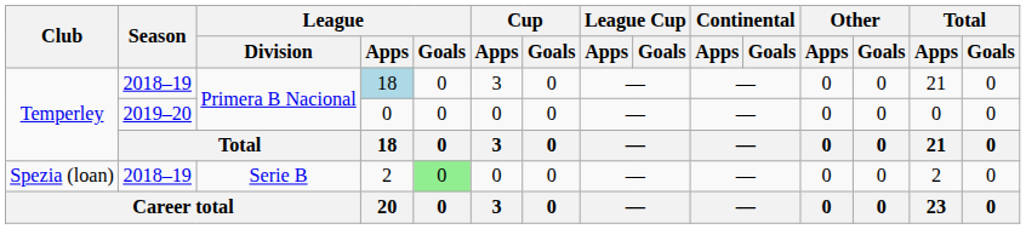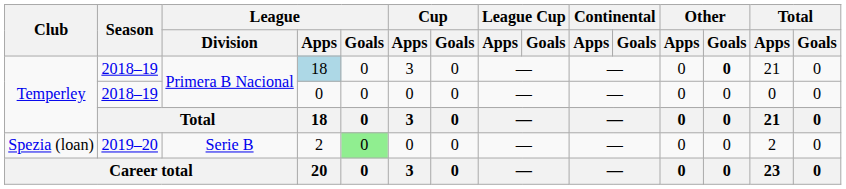 <table class="wikitable" style="text-align:center">
 <tr>
 <th rowspan="2">Club</th>
 <th rowspan="2">Season</th>
 <th colspan="3">League</th>
 <th colspan="2">Cup</th>
 <th colspan="2">League Cup</th>
 <th colspan="2">Continental</th>
 <th colspan="2">Other</th>
 <th colspan="2">Total</th>
 </tr>
 <tr>
 <th>Division</th>
 <th>Apps</th>
 <th>Goals</th>
 <th>Apps</th>
 <th>Goals</th>
 <th>Apps</th>
 <th>Goals</th>
 <th>Apps</th>
 <th>Goals</th>
 <th>Apps</th>
 <th>Goals</th>
 <th>Apps</th>
 <th>Goals</th>
 </tr>
 <tr>
 <td rowspan="3"><a href='#'>Temperley</a></td>
 <td><a href='#'>2018–19</a></td>
 <td rowspan="2"><a href='#'>Primera B Nacional</a></td>
 <td style="background: lightblue;">18</td>
 <td>0</td>
 <td>3</td>
 <td>0</td>
 <td colspan="2">—</td>
 <td colspan="2">—</td>
 <td>0</td>
-<td>0</td>
+<td><strong>0</strong></td>
 <td>21</td>
 <td>0</td>
 </tr>
 <tr>
-<td><a href='#'>2019–20</a></td>
+<td><a href='#'>2018–19</a></td>
 <td>0</td>
 <td>0</td>
 <td>0</td>
 <td>0</td>
 <td colspan="2">—</td>
 <td colspan="2">—</td>
 <td>0</td>
 <td>0</td>
 <td>0</td>
 <td>0</td>
 </tr>
 <tr>
 <th colspan="2">Total</th>
 <th>18</th>
 <th>0</th>
 <th>3</th>
 <th>0</th>
 <th colspan="2">—</th>
 <th colspan="2">—</th>
 <th>0</th>
 <th>0</th>
 <th>21</th>
 <th>0</th>
 </tr>
 <tr>
 <td rowspan="1"><a href='#'>Spezia</a> (loan)</td>
-<td><a href='#'>2018–19</a></td>
+<td><a href='#'>2019–20</a></td>
 <td rowspan="1"><a href='#'>Serie B</a></td>
 <td>2</td>
 <td style="background: lightgreen;">0</td>
 <td>0</td>
 <td>0</td>
 <td colspan="2">—</td>
 <td colspan="2">—</td>
 <td>0</td>
 <td>0</td>
 <td>2</td>
 <td>0</td>
 </tr>
 <tr>
 <th colspan="3">Career total</th>
 <th>20</th>
 <th>0</th>
 <th>3</th>
 <th>0</th>
 <th colspan="2">—</th>
 <th colspan="2">—</th>
 <th>0</th>
 <th>0</th>
 <th>23</th>
 <th>0</th>
 </tr>
 </table>
